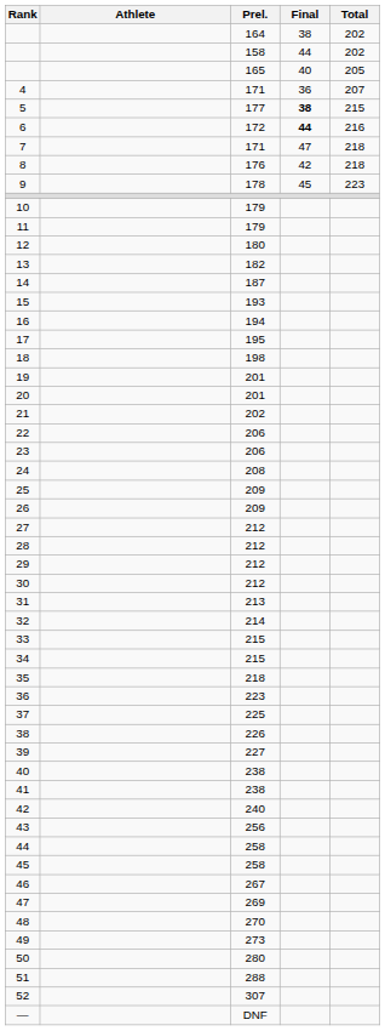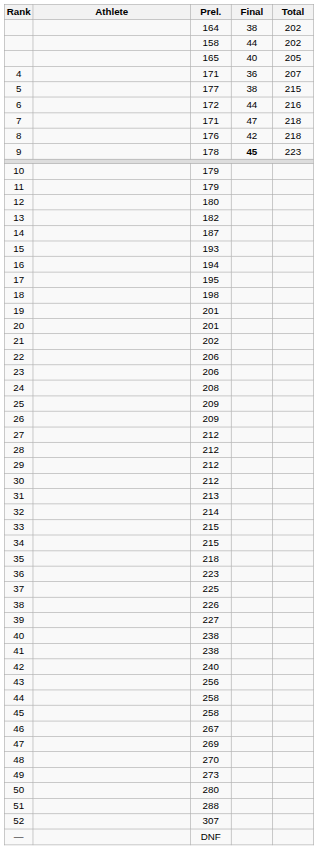 <table class=wikitable style="text-align:center">
 <tr>
 <th width=40>Rank</th>
 <th width=250>Athlete</th>
 <th width=60>Prel.</th>
 <th width=60>Final</th>
 <th width=60>Total</th>
 </tr>
 <tr>
 <td></td>
 <td align=left></td>
 <td>164</td>
 <td>38</td>
 <td>202</td>
 </tr>
 <tr>
 <td></td>
 <td align=left></td>
 <td>158</td>
 <td>44</td>
 <td>202</td>
 </tr>
 <tr>
 <td></td>
 <td align=left></td>
 <td>165</td>
 <td>40</td>
 <td>205</td>
 </tr>
 <tr>
 <td>4</td>
 <td align=left></td>
 <td>171</td>
 <td>36</td>
 <td>207</td>
 </tr>
 <tr>
 <td>5</td>
 <td align=left></td>
 <td>177</td>
-<td><strong>38</strong></td>
+<td>38</td>
 <td>215</td>
 </tr>
 <tr>
 <td>6</td>
 <td align=left></td>
 <td>172</td>
-<td><strong>44</strong></td>
+<td>44</td>
 <td>216</td>
 </tr>
 <tr>
 <td>7</td>
 <td align=left></td>
 <td>171</td>
 <td>47</td>
 <td>218</td>
 </tr>
 <tr>
 <td>8</td>
 <td align=left></td>
 <td>176</td>
 <td>42</td>
 <td>218</td>
 </tr>
 <tr>
 <td>9</td>
 <td align=left></td>
 <td>178</td>
-<td>45</td>
+<td><strong>45</strong></td>
 <td>223</td>
 </tr>
 <tr bgcolor=#DDDDDD>
 <td colspan=5></td>
 </tr>
 <tr>
 <td>10</td>
 <td align=left></td>
 <td>179</td>
 <td></td>
 <td></td>
 </tr>
 <tr>
 <td>11</td>
 <td align=left></td>
 <td>179</td>
 <td></td>
 <td></td>
 </tr>
 <tr>
 <td>12</td>
 <td align=left></td>
 <td>180</td>
 <td></td>
 <td></td>
 </tr>
 <tr>
 <td>13</td>
 <td align=left></td>
 <td>182</td>
 <td></td>
 <td></td>
 </tr>
 <tr>
 <td>14</td>
 <td align=left></td>
 <td>187</td>
 <td></td>
 <td></td>
 </tr>
 <tr>
 <td>15</td>
 <td align=left></td>
 <td>193</td>
 <td></td>
 <td></td>
 </tr>
 <tr>
 <td>16</td>
 <td align=left></td>
 <td>194</td>
 <td></td>
 <td></td>
 </tr>
 <tr>
 <td>17</td>
 <td align=left></td>
 <td>195</td>
 <td></td>
 <td></td>
 </tr>
 <tr>
 <td>18</td>
 <td align=left></td>
 <td>198</td>
 <td></td>
 <td></td>
 </tr>
 <tr>
 <td>19</td>
 <td align=left></td>
 <td>201</td>
 <td></td>
 <td></td>
 </tr>
 <tr>
 <td>20</td>
 <td align=left></td>
 <td>201</td>
 <td></td>
 <td></td>
 </tr>
 <tr>
 <td>21</td>
 <td align=left></td>
 <td>202</td>
 <td></td>
 <td></td>
 </tr>
 <tr>
 <td>22</td>
 <td align=left></td>
 <td>206</td>
 <td></td>
 <td></td>
 </tr>
 <tr>
 <td>23</td>
 <td align=left></td>
 <td>206</td>
 <td></td>
 <td></td>
 </tr>
 <tr>
 <td>24</td>
 <td align=left></td>
 <td>208</td>
 <td></td>
 <td></td>
 </tr>
 <tr>
 <td>25</td>
 <td align=left></td>
 <td>209</td>
 <td></td>
 <td></td>
 </tr>
 <tr>
 <td>26</td>
 <td align=left></td>
 <td>209</td>
 <td></td>
 <td></td>
 </tr>
 <tr>
 <td>27</td>
 <td align=left></td>
 <td>212</td>
 <td></td>
 <td></td>
 </tr>
 <tr>
 <td>28</td>
 <td align=left></td>
 <td>212</td>
 <td></td>
 <td></td>
 </tr>
 <tr>
 <td>29</td>
 <td align=left></td>
 <td>212</td>
 <td></td>
 <td></td>
 </tr>
 <tr>
 <td>30</td>
 <td align=left></td>
 <td>212</td>
 <td></td>
 <td></td>
 </tr>
 <tr>
 <td>31</td>
 <td align=left></td>
 <td>213</td>
 <td></td>
 <td></td>
 </tr>
 <tr>
 <td>32</td>
 <td align=left></td>
 <td>214</td>
 <td></td>
 <td></td>
 </tr>
 <tr>
 <td>33</td>
 <td align=left></td>
 <td>215</td>
 <td></td>
 <td></td>
 </tr>
 <tr>
 <td>34</td>
 <td align=left></td>
 <td>215</td>
 <td></td>
 <td></td>
 </tr>
 <tr>
 <td>35</td>
 <td align=left></td>
 <td>218</td>
 <td></td>
 <td></td>
 </tr>
 <tr>
 <td>36</td>
 <td align=left></td>
 <td>223</td>
 <td></td>
 <td></td>
 </tr>
 <tr>
 <td>37</td>
 <td align=left></td>
 <td>225</td>
 <td></td>
 <td></td>
 </tr>
 <tr>
 <td>38</td>
 <td align=left></td>
 <td>226</td>
 <td></td>
 <td></td>
 </tr>
 <tr>
 <td>39</td>
 <td align=left></td>
 <td>227</td>
 <td></td>
 <td></td>
 </tr>
 <tr>
 <td>40</td>
 <td align=left></td>
 <td>238</td>
 <td></td>
 <td></td>
 </tr>
 <tr>
 <td>41</td>
 <td align=left></td>
 <td>238</td>
 <td></td>
 <td></td>
 </tr>
 <tr>
 <td>42</td>
 <td align=left></td>
 <td>240</td>
 <td></td>
 <td></td>
 </tr>
 <tr>
 <td>43</td>
 <td align=left></td>
 <td>256</td>
 <td></td>
 <td></td>
 </tr>
 <tr>
 <td>44</td>
 <td align=left></td>
 <td>258</td>
 <td></td>
 <td></td>
 </tr>
 <tr>
 <td>45</td>
 <td align=left></td>
 <td>258</td>
 <td></td>
 <td></td>
 </tr>
 <tr>
 <td>46</td>
 <td align=left></td>
 <td>267</td>
 <td></td>
 <td></td>
 </tr>
 <tr>
 <td>47</td>
 <td align=left></td>
 <td>269</td>
 <td></td>
 <td></td>
 </tr>
 <tr>
 <td>48</td>
 <td align=left></td>
 <td>270</td>
 <td></td>
 <td></td>
 </tr>
 <tr>
 <td>49</td>
 <td align=left></td>
 <td>273</td>
 <td></td>
 <td></td>
 </tr>
 <tr>
 <td>50</td>
 <td align=left></td>
 <td>280</td>
 <td></td>
 <td></td>
 </tr>
 <tr>
 <td>51</td>
 <td align=left></td>
 <td>288</td>
 <td></td>
 <td></td>
 </tr>
 <tr>
 <td>52</td>
 <td align=left></td>
 <td>307</td>
 <td></td>
 <td></td>
 </tr>
 <tr>
 <td>—</td>
 <td align=left></td>
 <td>DNF</td>
 <td></td>
 <td></td>
 </tr>
 </table>
